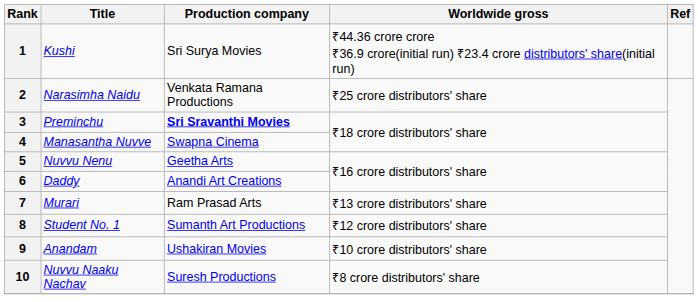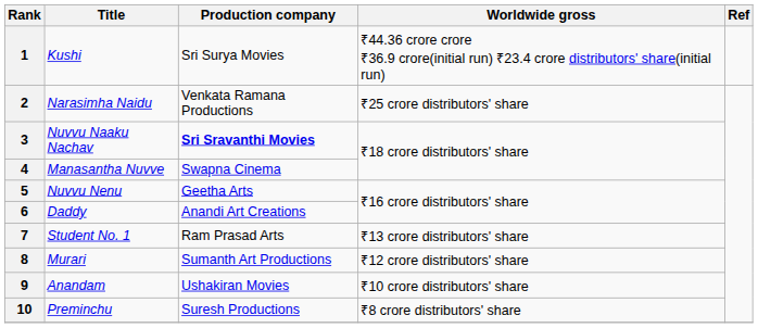 <table class="wikitable sortable" style="margin:auto; margin:auto;">
 <tr>
 <th>Rank</th>
 <th>Title</th>
 <th>Production company</th>
 <th>Worldwide gross</th>
 <th>Ref</th>
 </tr>
 <tr>
 <th>1</th>
 <td scope="row"><em><a href='#'>Kushi</a></em></td>
 <td>Sri Surya Movies</td>
 <td>₹44.36 crore crore<br>₹36.9 crore(initial run) ₹23.4 crore <a href='#'>distributors' share</a>(initial run)</td>
 <td></td>
 </tr>
 <tr>
 <th>2</th>
 <td><em><a href='#'>Narasimha Naidu</a></em></td>
 <td>Venkata Ramana Productions</td>
 <td>₹25 crore distributors' share</td>
 <td rowspan="9"></td>
 </tr>
 <tr>
 <th>3</th>
-<td><em><a href='#'>Preminchu</a></em></td>
+<td><em><a href='#'>Nuvvu Naaku Nachav</a></em></td>
 <td><strong><a href='#'>Sri Sravanthi Movies</a></strong></td>
 <td rowspan="2">₹18 crore distributors' share</td>
 </tr>
 <tr>
 <th>4</th>
 <td><em><a href='#'>Manasantha Nuvve</a></em></td>
 <td><a href='#'>Swapna Cinema</a></td>
 </tr>
 <tr>
 <th>5</th>
 <td><em><a href='#'>Nuvvu Nenu</a></em></td>
 <td><a href='#'>Geetha Arts</a></td>
 <td rowspan="2">₹16 crore distributors' share</td>
 </tr>
 <tr>
 <th>6</th>
 <td><em><a href='#'>Daddy</a></em></td>
 <td><a href='#'>Anandi Art Creations</a></td>
 </tr>
 <tr>
 <th>7</th>
-<td><em><a href='#'>Murari</a></em></td>
+<td><em><a href='#'>Student No. 1</a></em></td>
 <td>Ram Prasad Arts</td>
 <td>₹13 crore distributors' share</td>
 </tr>
 <tr>
 <th>8</th>
-<td><em><a href='#'>Student No. 1</a></em></td>
+<td><em><a href='#'>Murari</a></em></td>
 <td><a href='#'>Sumanth Art Productions</a></td>
 <td>₹12 crore distributors' share</td>
 </tr>
 <tr>
 <th>9</th>
 <td><em><a href='#'>Anandam</a></em></td>
 <td><a href='#'>Ushakiran Movies</a></td>
 <td>₹10 crore distributors' share</td>
 </tr>
 <tr>
 <th>10</th>
-<td><em><a href='#'>Nuvvu Naaku Nachav</a></em></td>
+<td><em><a href='#'>Preminchu</a></em></td>
 <td><a href='#'>Suresh Productions</a></td>
 <td>₹8 crore distributors' share</td>
 </tr>
 <tr>
 </tr>
 </table>
